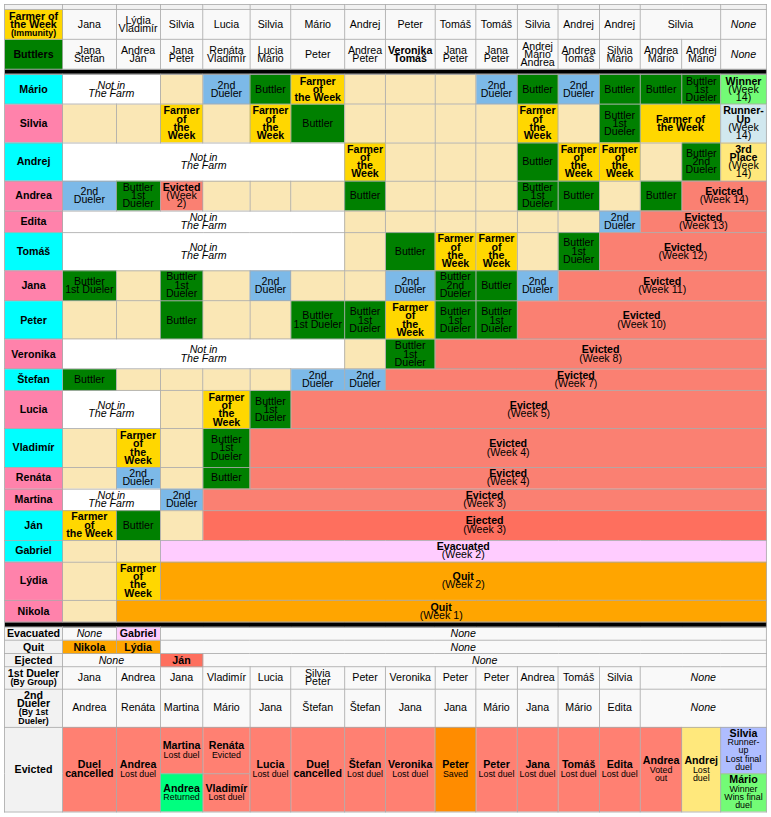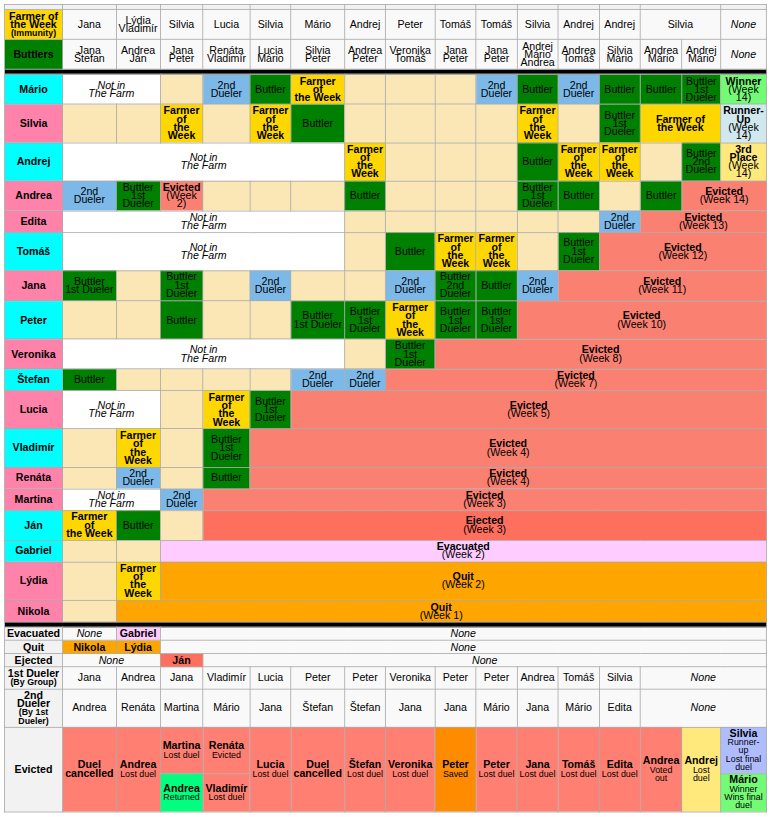 <table class="wikitable" style="text-align:center; width:80%; font-size:80%; line-height:10px">
 <tr>
 <th></th>
 <th></th>
 <th></th>
 <th></th>
 <th></th>
 <th></th>
 <th></th>
 <th></th>
 <th></th>
 <th></th>
 <th></th>
 <th></th>
 <th></th>
 <th></th>
 <th colspan=2></th>
 <th></th>
 </tr>
 <tr>
 <th style="background:gold;" colspan=1>Farmer of the Week<br><small>(Immunity)</small></th>
 <td>Jana</td>
 <td>Lýdia<br>Vladimír</td>
 <td>Silvia</td>
 <td>Lucia</td>
 <td>Silvia</td>
 <td>Mário</td>
 <td>Andrej</td>
 <td>Peter</td>
 <td>Tomáš</td>
 <td>Tomáš</td>
 <td>Silvia</td>
 <td>Andrej</td>
 <td>Andrej</td>
 <td colspan=2>Silvia</td>
 <td><em>None</em></td>
 </tr>
 <tr>
 <th style="background:#008000;">Buttlers</th>
 <td>Jana<br>Štefan</td>
 <td>Andrea<br>Ján</td>
 <td>Jana<br>Peter</td>
 <td>Renáta<br>Vladimír</td>
 <td>Lucia<br>Mário</td>
-<td>Peter</td>
+<td>Silvia<br>Peter</td>
 <td>Andrea<br>Peter</td>
-<td><strong>Veronika<br>Tomáš</strong></td>
+<td>Veronika<br>Tomáš</td>
 <td>Jana<br>Peter</td>
 <td>Jana<br>Peter</td>
 <td>Andrej<br>Mário<br>Andrea</td>
 <td>Andrea<br>Tomáš</td>
 <td>Silvia<br>Mário</td>
 <td>Andrea<br>Mário</td>
 <td>Andrej<br>Mário</td>
 <td colspan=3><em>None</em></td>
 </tr>
 <tr>
 <th style="background:#000000;" colspan="17"></th>
 </tr>
 <tr>
 </tr>
 <tr>
 <th style="background:cyan;">Mário</th>
 <td style="background:#FFFFFF; text-align:center;" colspan=2><em>Not in<br>The Farm</em></td>
 <td style="background:#FAE7B5;"></td>
 <td style="background:#7CB9E8;">2nd Dueler</td>
 <td style="background:#008000;">Buttler</td>
 <td style="background:gold;"><strong>Farmer of<br>the Week</strong></td>
 <td style="background:#FAE7B5;"></td>
 <td style="background:#FAE7B5;"></td>
 <td style="background:#FAE7B5;"></td>
 <td style="background:#7CB9E8;">2nd Dueler</td>
 <td style="background:#008000;">Buttler</td>
 <td style="background:#7CB9E8;">2nd Dueler</td>
 <td style="background:#008000;">Buttler</td>
 <td style="background:#008000;">Buttler</td>
 <td style="background:#008000;">Buttler<br>1st Dueler</td>
 <td style="background:#73FB76" colspan=2><strong>Winner</strong> <br> (Week 14)</td>
 </tr>
 <tr>
 <th style="background:#FF82AB;">Silvia</th>
 <td style="background:#FAE7B5;"></td>
 <td style="background:#FAE7B5;"></td>
 <td style="background:gold;"><strong>Farmer of<br>the Week</strong></td>
 <td style="background:#FAE7B5;"></td>
 <td style="background:gold;"><strong>Farmer of<br>the Week</strong></td>
 <td style="background:#008000;">Buttler</td>
 <td style="background:#FAE7B5;"></td>
 <td style="background:#FAE7B5;"></td>
 <td style="background:#FAE7B5;"></td>
 <td style="background:#FAE7B5;"></td>
 <td style="background:gold;"><strong>Farmer of<br>the Week</strong></td>
 <td style="background:#FAE7B5;"></td>
 <td style="background:#008000;">Buttler<br>1st Dueler</td>
 <td colspan=2 style="background:gold;"><strong>Farmer of<br>the Week</strong></td>
 <td style="background:#D1E8EF" colspan=2><strong>Runner-Up</strong> <br> (Week 14)</td>
 </tr>
 <tr>
 <th style="background:cyan;">Andrej</th>
 <td style="background:#FFFFFF; text-align:center;" colspan=6><em>Not in<br>The Farm</em></td>
 <td style="background:gold;"><strong>Farmer of<br>the Week</strong></td>
 <td style="background:#FAE7B5;"></td>
 <td style="background:#FAE7B5;"></td>
 <td style="background:#FAE7B5;"></td>
 <td style="background:#008000;">Buttler</td>
 <td style="background:gold;"><strong>Farmer of<br>the Week</strong></td>
 <td style="background:gold;"><strong>Farmer of<br>the Week</strong></td>
 <td style="background:#FAE7B5;"></td>
 <td style="background:#008000;">Buttler<br>2nd Dueler</td>
 <td style="background:#FFE87C" colspan=2><strong>3rd Place</strong> <br> (Week 14)</td>
 </tr>
 <tr>
 <th style="background:#FF82AB;">Andrea</th>
 <td style="background:#7CB9E8;">2nd Dueler</td>
 <td style="background:#008000;">Buttler<br>1st Dueler</td>
 <td style="background:salmon;"><strong>Evicted</strong> <br> (Week 2)</td>
 <td style="background:#FAE7B5;"></td>
 <td style="background:#FAE7B5;"></td>
 <td style="background:#FAE7B5;"></td>
 <td style="background:#008000;">Buttler</td>
 <td style="background:#FAE7B5;"></td>
 <td style="background:#FAE7B5;"></td>
 <td style="background:#FAE7B5;"></td>
 <td style="background:#008000;">Buttler<br>1st Dueler</td>
 <td style="background:#008000;">Buttler</td>
 <td style="background:#FAE7B5;"></td>
 <td style="background:#008000;">Buttler</td>
 <td colspan=16 style="background:salmon;"><strong>Evicted</strong> <br> (Week 14)</td>
 </tr>
 <tr>
 <th style="background:#FF82AB;">Edita</th>
 <td style="background:#FFFFFF; text-align:center;" colspan=6><em>Not in<br>The Farm</em></td>
 <td style="background:#FAE7B5;"></td>
 <td style="background:#FAE7B5;"></td>
 <td style="background:#FAE7B5;"></td>
 <td style="background:#FAE7B5;"></td>
 <td style="background:#FAE7B5;"></td>
 <td style="background:#FAE7B5;"></td>
 <td style="background:#7CB9E8;">2nd Dueler</td>
 <td colspan=16 style="background:salmon;"><strong>Evicted</strong> <br> (Week 13)</td>
 </tr>
 <tr>
 <th style="background:cyan;">Tomáš</th>
 <td style="background:#FFFFFF; text-align:center;" colspan=6><em>Not in<br>The Farm</em></td>
 <td style="background:#FAE7B5;"></td>
 <td style="background:#008000;">Buttler</td>
 <td style="background:gold;"><strong>Farmer of<br>the Week</strong></td>
 <td style="background:gold;"><strong>Farmer of<br>the Week</strong></td>
 <td style="background:#FAE7B5;"></td>
 <td style="background:#008000;">Buttler<br>1st Dueler</td>
 <td colspan=16 style="background:salmon;"><strong>Evicted</strong> <br> (Week 12)</td>
 </tr>
 <tr>
 <th style="background:#FF82AB;">Jana</th>
 <td style="background:#008000;">Buttler<br>1st Dueler</td>
 <td style="background:#FAE7B5;"></td>
 <td style="background:#008000;">Buttler<br>1st Dueler</td>
 <td style="background:#FAE7B5;"></td>
 <td style="background:#7CB9E8;">2nd Dueler</td>
 <td style="background:#FAE7B5;"></td>
 <td style="background:#FAE7B5;"></td>
 <td style="background:#7CB9E8;">2nd Dueler</td>
 <td style="background:#008000;">Buttler<br>2nd Dueler</td>
 <td style="background:#008000;">Buttler</td>
 <td style="background:#7CB9E8;">2nd Dueler</td>
 <td colspan=16 style="background:salmon;"><strong>Evicted</strong> <br> (Week 11)</td>
 </tr>
 <tr>
 <th style="background:cyan;">Peter</th>
 <td style="background:#FAE7B5;"></td>
 <td style="background:#FAE7B5;"></td>
 <td style="background:#008000;">Buttler</td>
 <td style="background:#FAE7B5;"></td>
 <td style="background:#FAE7B5;"></td>
 <td style="background:#008000;">Buttler<br>1st Dueler</td>
 <td style="background:#008000;">Buttler<br>1st Dueler</td>
 <td style="background:gold;"><strong>Farmer of<br>the Week</strong></td>
 <td style="background:#008000;">Buttler<br>1st Dueler</td>
 <td style="background:#008000;">Buttler<br>1st Dueler</td>
 <td colspan=16 style="background:salmon;"><strong>Evicted</strong> <br> (Week 10)</td>
 </tr>
 <tr>
 <th style="background:#FF82AB;">Veronika</th>
 <td style="background:#FFFFFF; text-align:center;" colspan=6><em>Not in<br>The Farm</em></td>
 <td style="background:#FAE7B5;"></td>
 <td style="background:#008000;">Buttler<br>1st Dueler</td>
 <td colspan=16 style="background:salmon;"><strong>Evicted</strong> <br> (Week 8)</td>
 </tr>
 <tr>
 <th style="background:cyan;">Štefan</th>
 <td style="background:#008000;">Buttler</td>
 <td style="background:#FAE7B5;"></td>
 <td style="background:#FAE7B5;"></td>
 <td style="background:#FAE7B5;"></td>
 <td style="background:#FAE7B5;"></td>
 <td style="background:#7CB9E8;">2nd Dueler</td>
 <td style="background:#7CB9E8;">2nd Dueler</td>
 <td colspan=16 style="background:salmon;"><strong>Evicted</strong> <br> (Week 7)</td>
 </tr>
 <tr>
 <th style="background:#FF82AB;">Lucia</th>
 <td style="background:#FFFFFF; text-align:center;" colspan=2><em>Not in<br>The Farm</em></td>
 <td style="background:#FAE7B5;"></td>
 <td style="background:gold;"><strong>Farmer of<br>the Week</strong></td>
 <td style="background:#008000;">Buttler<br>1st Dueler</td>
 <td colspan=16 style="background:salmon;"><strong>Evicted</strong> <br> (Week 5)</td>
 </tr>
 <tr>
 <th style="background:cyan;">Vladimír</th>
 <td style="background:#FAE7B5;"></td>
 <td style="background:gold;"><strong>Farmer of<br>the Week</strong></td>
 <td style="background:#FAE7B5;"></td>
 <td style="background:#008000;">Buttler<br>1st Dueler</td>
 <td colspan=16 style="background:salmon;"><strong>Evicted</strong> <br> (Week 4)</td>
 </tr>
 <tr>
 <th style="background:#FF82AB;">Renáta</th>
 <td style="background:#FAE7B5;"></td>
 <td style="background:#7CB9E8;">2nd Dueler</td>
 <td style="background:#FAE7B5;"></td>
 <td style="background:#008000;">Buttler</td>
 <td colspan=16 style="background:salmon;"><strong>Evicted</strong> <br> (Week 4)</td>
 </tr>
 <tr>
 <th style="background:#FF82AB;">Martina</th>
 <td style="background:#FFFFFF; text-align:center;" colspan=2><em>Not in<br>The Farm</em></td>
 <td style="background:#7CB9E8;">2nd Dueler</td>
 <td colspan=16 style="background:salmon;"><strong>Evicted</strong> <br> (Week 3)</td>
 </tr>
 <tr>
 <th style="background:cyan;">Ján</th>
 <td style="background:gold;"><strong>Farmer of<br>the Week</strong></td>
 <td style="background:#008000;">Buttler</td>
 <td style="background:#FAE7B5;"></td>
 <td style="background:#FE6F5E; text-align:center;" colspan=16><strong>Ejected</strong> <br> (Week 3)</td>
 </tr>
 <tr>
 <th style="background:cyan;">Gabriel</th>
 <td style="background:#FAE7B5;"></td>
 <td style="background:#FAE7B5;"></td>
 <td style="background:#fcf; text-align:center;" colspan=16><strong>Evacuated</strong> <br> (Week 2)</td>
 </tr>
 <tr>
 <th style="background:#FF82AB;">Lýdia</th>
 <td style="background:#FAE7B5;"></td>
 <td style="background:gold;"><strong>Farmer of<br>the Week</strong></td>
 <td style="background:#FFA500; text-align:center;" colspan=14><strong>Quit</strong> <br> (Week 2)</td>
 </tr>
 <tr>
 <th style="background:#FF82AB;">Nikola</th>
 <td style="background:#FAE7B5;"></td>
 <td style="background:#FFA500; text-align:center;" colspan=15><strong>Quit</strong> <br> (Week 1)</td>
 </tr>
 <tr>
 <th style="background:#000000;" colspan="17"></th>
 </tr>
 <tr>
 <th>Evacuated</th>
 <td colspan="1"><em>None</em></td>
 <td style="background:#fcf;"><strong>Gabriel</strong></td>
 <td colspan="16"><em>None</em></td>
 </tr>
 <tr>
 <th>Quit</th>
 <td style="background:#FFA500;"><strong>Nikola</strong></td>
 <td style="background:#FFA500;"><strong>Lýdia</strong></td>
 <td colspan="14"><em>None</em></td>
 </tr>
 <tr>
 <th>Ejected</th>
 <td colspan="2"><em>None</em></td>
 <td style="background:#FE6F5E;"><strong>Ján</strong></td>
 <td colspan="14"><em>None</em></td>
 </tr>
 <tr>
 <th>1st Dueler<br><small>(By Group)</small></th>
 <td>Jana</td>
 <td>Andrea</td>
 <td>Jana</td>
 <td>Vladimír</td>
 <td>Lucia</td>
-<td>Silvia<br>Peter</td>
+<td>Peter</td>
 <td>Peter</td>
 <td>Veronika</td>
 <td>Peter</td>
 <td>Peter</td>
 <td>Andrea</td>
 <td>Tomáš</td>
 <td>Silvia</td>
 <td colspan=3><em>None</em></td>
 </tr>
 <tr>
 <th>2nd Dueler<br><small>(By 1st Dueler)</small></th>
 <td>Andrea</td>
 <td>Renáta</td>
 <td>Martina</td>
 <td>Mário</td>
 <td>Jana</td>
 <td>Štefan</td>
 <td>Štefan</td>
 <td>Jana</td>
 <td>Jana</td>
 <td>Mário</td>
 <td>Jana</td>
 <td>Mário</td>
 <td>Edita</td>
 <td colspan=3><em>None</em></td>
 </tr>
 <tr>
 <th rowspan="2">Evicted</th>
 <td rowspan="2" style="background:#FF8072"><strong>Duel cancelled</strong><br><small></small></td>
 <td rowspan="2" style="background:#FF8072"><strong>Andrea</strong><br><small>Lost duel</small></td>
 <td style="background:#FF8072"><strong>Martina</strong><br><small>Lost duel</small></td>
 <td style="background:#FF8072"><strong>Renáta</strong><br><small>Evicted</small></td>
 <td rowspan="2" style="background:#FF8072"><strong>Lucia</strong><br><small>Lost duel</small></td>
 <td rowspan="2" style="background:#FF8072"><strong>Duel cancelled</strong><br><small></small></td>
 <td rowspan="2" style="background:#FF8072"><strong>Štefan</strong><br><small>Lost duel</small></td>
 <td rowspan="2" style="background:#FF8072"><strong>Veronika</strong><br><small>Lost duel</small></td>
 <td rowspan="2" style="background:#FF8C00"><strong>Peter</strong><br><small>Saved</small></td>
 <td rowspan="2" style="background:#FF8072"><strong>Peter</strong><br><small>Lost duel</small></td>
 <td rowspan="2" style="background:#FF8072"><strong>Jana</strong><br><small>Lost duel</small></td>
 <td rowspan="2" style="background:#FF8072"><strong>Tomáš</strong><br><small>Lost duel</small></td>
 <td rowspan="2" style="background:#FF8072"><strong>Edita</strong><br><small>Lost duel</small></td>
 <td rowspan="2" style="background:#FF8072"><strong>Andrea</strong><br><small>Voted out</small></td>
 <td rowspan="2" style="background:#FFE87C"><strong>Andrej</strong><br><small>Lost duel</small></td>
 <td style="background:#afbdff"><strong>Silvia</strong><br><small>Runner-up<br>Lost final duel</small></td>
 </tr>
 <tr>
 <td style="background:#00FF7F"><strong>Andrea</strong><br><small>Returned</small></td>
 <td style="background:#FF8072"><strong>Vladimír</strong><br><small>Lost duel</small></td>
 <td style="background:#73FB76"><strong>Mário</strong><br><small>Winner<br>Wins final duel</small></td>
 </tr>
 </table>
